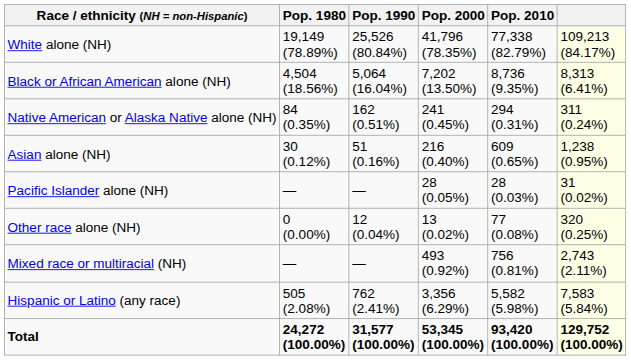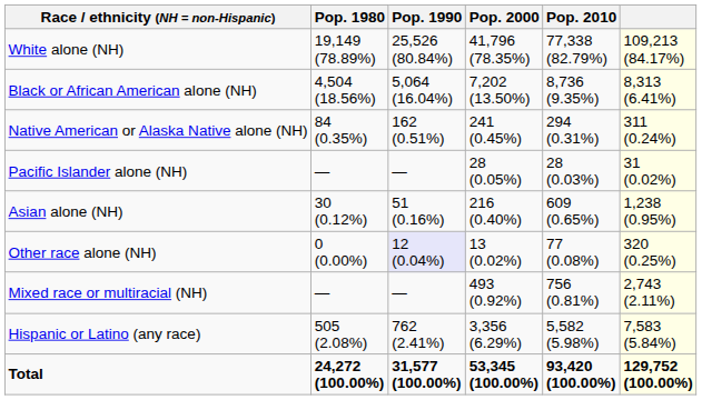 <table class="wikitable sortable collapsible" style="font-size: 95%;">
 <tr>
 <th>Race / ethnicity <small>(<em>NH = non-Hispanic</em>)</small></th>
 <th>Pop. 1980</th>
 <th>Pop. 1990</th>
 <th>Pop. 2000</th>
 <th>Pop. 2010</th>
 <th></th>
 </tr>
 <tr>
 <td><a href='#'>White</a> alone (NH)</td>
 <td>19,149<br>(78.89%)</td>
 <td>25,526<br>(80.84%)</td>
 <td>41,796<br>(78.35%)</td>
 <td>77,338<br>(82.79%)</td>
 <td style='background: #ffffe6;'>109,213<br>(84.17%)</td>
 </tr>
 <tr>
 <td><a href='#'>Black or African American</a> alone (NH)</td>
 <td>4,504<br>(18.56%)</td>
 <td>5,064<br>(16.04%)</td>
 <td>7,202<br>(13.50%)</td>
 <td>8,736<br>(9.35%)</td>
 <td style='background: #ffffe6;'>8,313<br>(6.41%)</td>
 </tr>
 <tr>
 <td><a href='#'>Native American</a> or <a href='#'>Alaska Native</a> alone (NH)</td>
 <td>84<br>(0.35%)</td>
 <td>162<br>(0.51%)</td>
 <td>241<br>(0.45%)</td>
 <td>294<br>(0.31%)</td>
 <td style='background: #ffffe6;'>311<br>(0.24%)</td>
 </tr>
 <tr>
+<td><a href='#'>Pacific Islander</a> alone (NH)</td>
+<td>—</td>
+<td>—</td>
+<td>28<br>(0.05%)</td>
+<td>28<br>(0.03%)</td>
+<td style='background: #ffffe6;'>31<br>(0.02%)</td>
+</tr>
+<tr>
 <td><a href='#'>Asian</a> alone (NH)</td>
 <td>30<br>(0.12%)</td>
 <td>51<br>(0.16%)</td>
 <td>216<br>(0.40%)</td>
 <td>609<br>(0.65%)</td>
 <td style='background: #ffffe6;'>1,238<br>(0.95%)</td>
 </tr>
 <tr>
-<td><a href='#'>Pacific Islander</a> alone (NH)</td>
-<td>—</td>
-<td>—</td>
-<td>28<br>(0.05%)</td>
-<td>28<br>(0.03%)</td>
-<td style='background: #ffffe6;'>31<br>(0.02%)</td>
-</tr>
-<tr>
 <td><a href='#'>Other race</a> alone (NH)</td>
 <td>0<br>(0.00%)</td>
-<td>12<br>(0.04%)</td>
+<td style="background: lavender;">12<br>(0.04%)</td>
 <td>13<br>(0.02%)</td>
 <td>77<br>(0.08%)</td>
 <td style='background: #ffffe6;'>320<br>(0.25%)</td>
 </tr>
 <tr>
 <td><a href='#'>Mixed race or multiracial</a> (NH)</td>
 <td>—</td>
 <td>—</td>
 <td>493<br>(0.92%)</td>
 <td>756<br>(0.81%)</td>
 <td style='background: #ffffe6;'>2,743<br>(2.11%)</td>
 </tr>
 <tr>
 <td><a href='#'>Hispanic or Latino</a> (any race)</td>
 <td>505<br>(2.08%)</td>
 <td>762<br>(2.41%)</td>
 <td>3,356<br>(6.29%)</td>
 <td>5,582<br>(5.98%)</td>
 <td style='background: #ffffe6;'>7,583<br>(5.84%)</td>
 </tr>
 <tr>
 <td><strong>Total</strong></td>
 <td><strong>24,272<br>(100.00%)</strong></td>
 <td><strong>31,577<br>(100.00%)</strong></td>
 <td><strong>53,345<br>(100.00%)</strong></td>
 <td><strong>93,420<br>(100.00%)</strong></td>
 <td style='background: #ffffe6;'><strong>129,752<br>(100.00%)</strong></td>
 </tr>
 </table>
